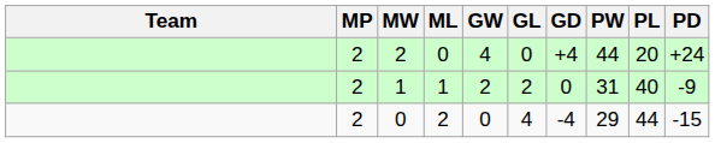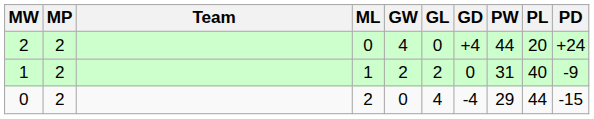 <table class=wikitable style="text-align:center">
 <tr>
+<th width=20>MW</th>
+<th width=20>MP</th>
 <th width=250>Team</th>
-<th width=20>MP</th>
-<th width=20>MW</th>
 <th width=20>ML</th>
 <th width=20>GW</th>
 <th width=20>GL</th>
 <th width=20>GD</th>
 <th width=20>PW</th>
 <th width=20>PL</th>
 <th width=20>PD</th>
 </tr>
 <tr style="background:#cfc;">
-<td align=left><br></td>
 <td>2</td>
 <td>2</td>
+<td align=left><br></td>
 <td>0</td>
 <td>4</td>
 <td>0</td>
 <td>+4</td>
 <td>44</td>
 <td>20</td>
 <td>+24</td>
 </tr>
 <tr style="background:#cfc;">
+<td>1</td>
+<td>2</td>
 <td align=left><br></td>
-<td>2</td>
-<td>1</td>
 <td>1</td>
 <td>2</td>
 <td>2</td>
 <td>0</td>
 <td>31</td>
 <td>40</td>
 <td>-9</td>
 </tr>
 <tr>
+<td>0</td>
+<td>2</td>
 <td align=left><br></td>
-<td>2</td>
-<td>0</td>
 <td>2</td>
 <td>0</td>
 <td>4</td>
 <td>-4</td>
 <td>29</td>
 <td>44</td>
 <td>-15</td>
 </tr>
 </table>
